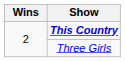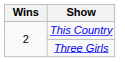 <table class="wikitable floatleft" style="text-align:center;">
 <tr>
 <th scope="col" style="width:55px;">Wins</th>
 <th scope="col" style="text-align:center;">Show</th>
 </tr>
 <tr>
 <td scope=row rowspan=5 style="text-align:center">2</td>
-<td><strong><em><a href='#'>This Country</a></em></strong></td>
+<td><em><a href='#'>This Country</a></em></td>
 </tr>
 <tr>
 <td><em><a href='#'>Three Girls</a></em></td>
 </tr>
 </table>
